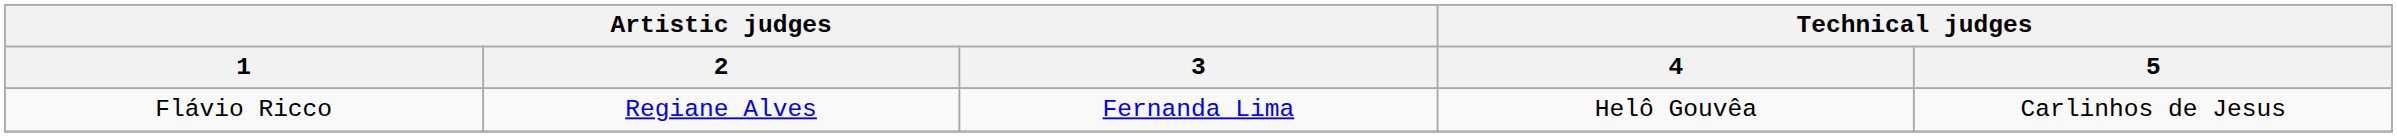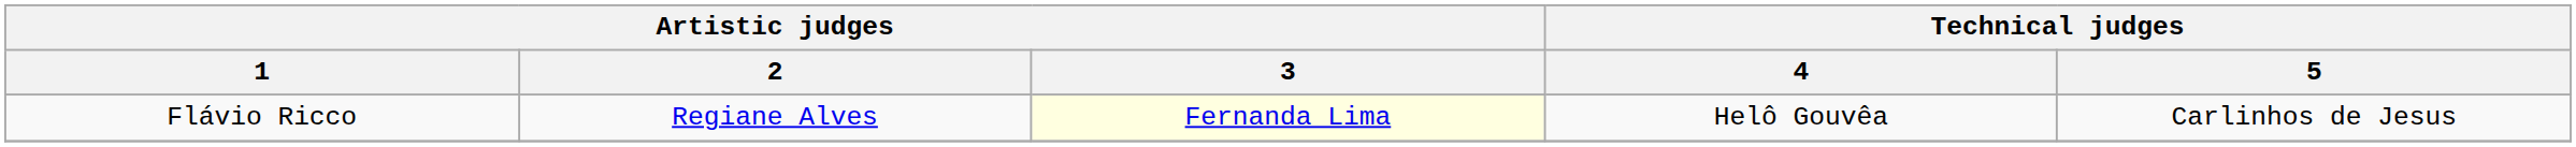 <table class="wikitable" style="font-size:100%; line-height:16px; text-align:center" width="100%">
 <tr>
 <th colspan=3>Artistic judges</th>
 <th colspan=2>Technical judges</th>
 </tr>
 <tr>
 <th width="20.0%">1</th>
 <th width="20.0%">2</th>
 <th width="20.0%">3</th>
 <th width="20.0%">4</th>
 <th width="20.0%">5</th>
 </tr>
 <tr>
 <td>Flávio Ricco</td>
 <td><a href='#'>Regiane Alves</a></td>
-<td><a href='#'>Fernanda Lima</a></td>
+<td style="background: lightyellow;"><a href='#'>Fernanda Lima</a></td>
 <td>Helô Gouvêa</td>
 <td>Carlinhos de Jesus</td>
 </tr>
 <tr>
 </tr>
 </table>
